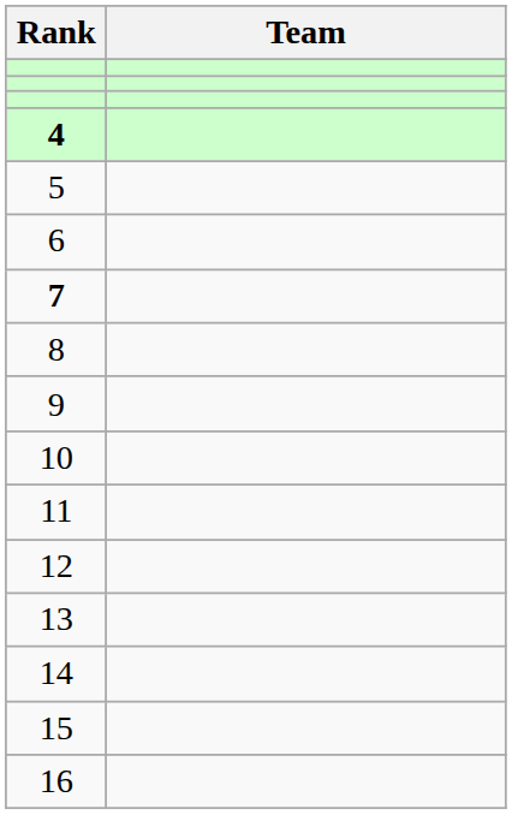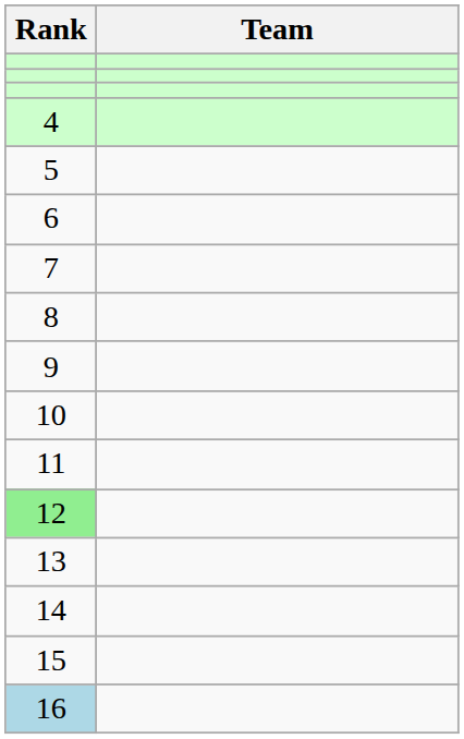 <table class="wikitable" style="text-align: center;">
 <tr>
 <th width=40>Rank</th>
 <th width=180>Team</th>
 </tr>
 <tr bgcolor=#CCFFCC>
 <td></td>
 <td align=left></td>
 </tr>
 <tr bgcolor=#CCFFCC>
 <td></td>
 <td align=left></td>
 </tr>
 <tr bgcolor=#CCFFCC>
 <td></td>
 <td align=left></td>
 </tr>
 <tr bgcolor=#CCFFCC>
-<td><strong>4</strong></td>
+<td>4</td>
 <td align=left></td>
 </tr>
 <tr>
 <td>5</td>
 <td align=left></td>
 </tr>
 <tr>
 <td>6</td>
 <td align=left></td>
 </tr>
 <tr>
-<td><strong>7</strong></td>
+<td>7</td>
 <td align=left></td>
 </tr>
 <tr>
 <td>8</td>
 <td align=left></td>
 </tr>
 <tr>
 <td>9</td>
 <td align=left></td>
 </tr>
 <tr>
 <td>10</td>
 <td align=left></td>
 </tr>
 <tr>
 <td>11</td>
 <td align=left></td>
 </tr>
 <tr>
-<td>12</td>
+<td style="background: lightgreen;">12</td>
 <td align=left></td>
 </tr>
 <tr>
 <td>13</td>
 <td align=left></td>
 </tr>
 <tr>
 <td>14</td>
 <td align=left></td>
 </tr>
 <tr>
 <td>15</td>
 <td align=left></td>
 </tr>
 <tr>
-<td>16</td>
+<td style="background: lightblue;">16</td>
 <td align=left></td>
 </tr>
 </table>
